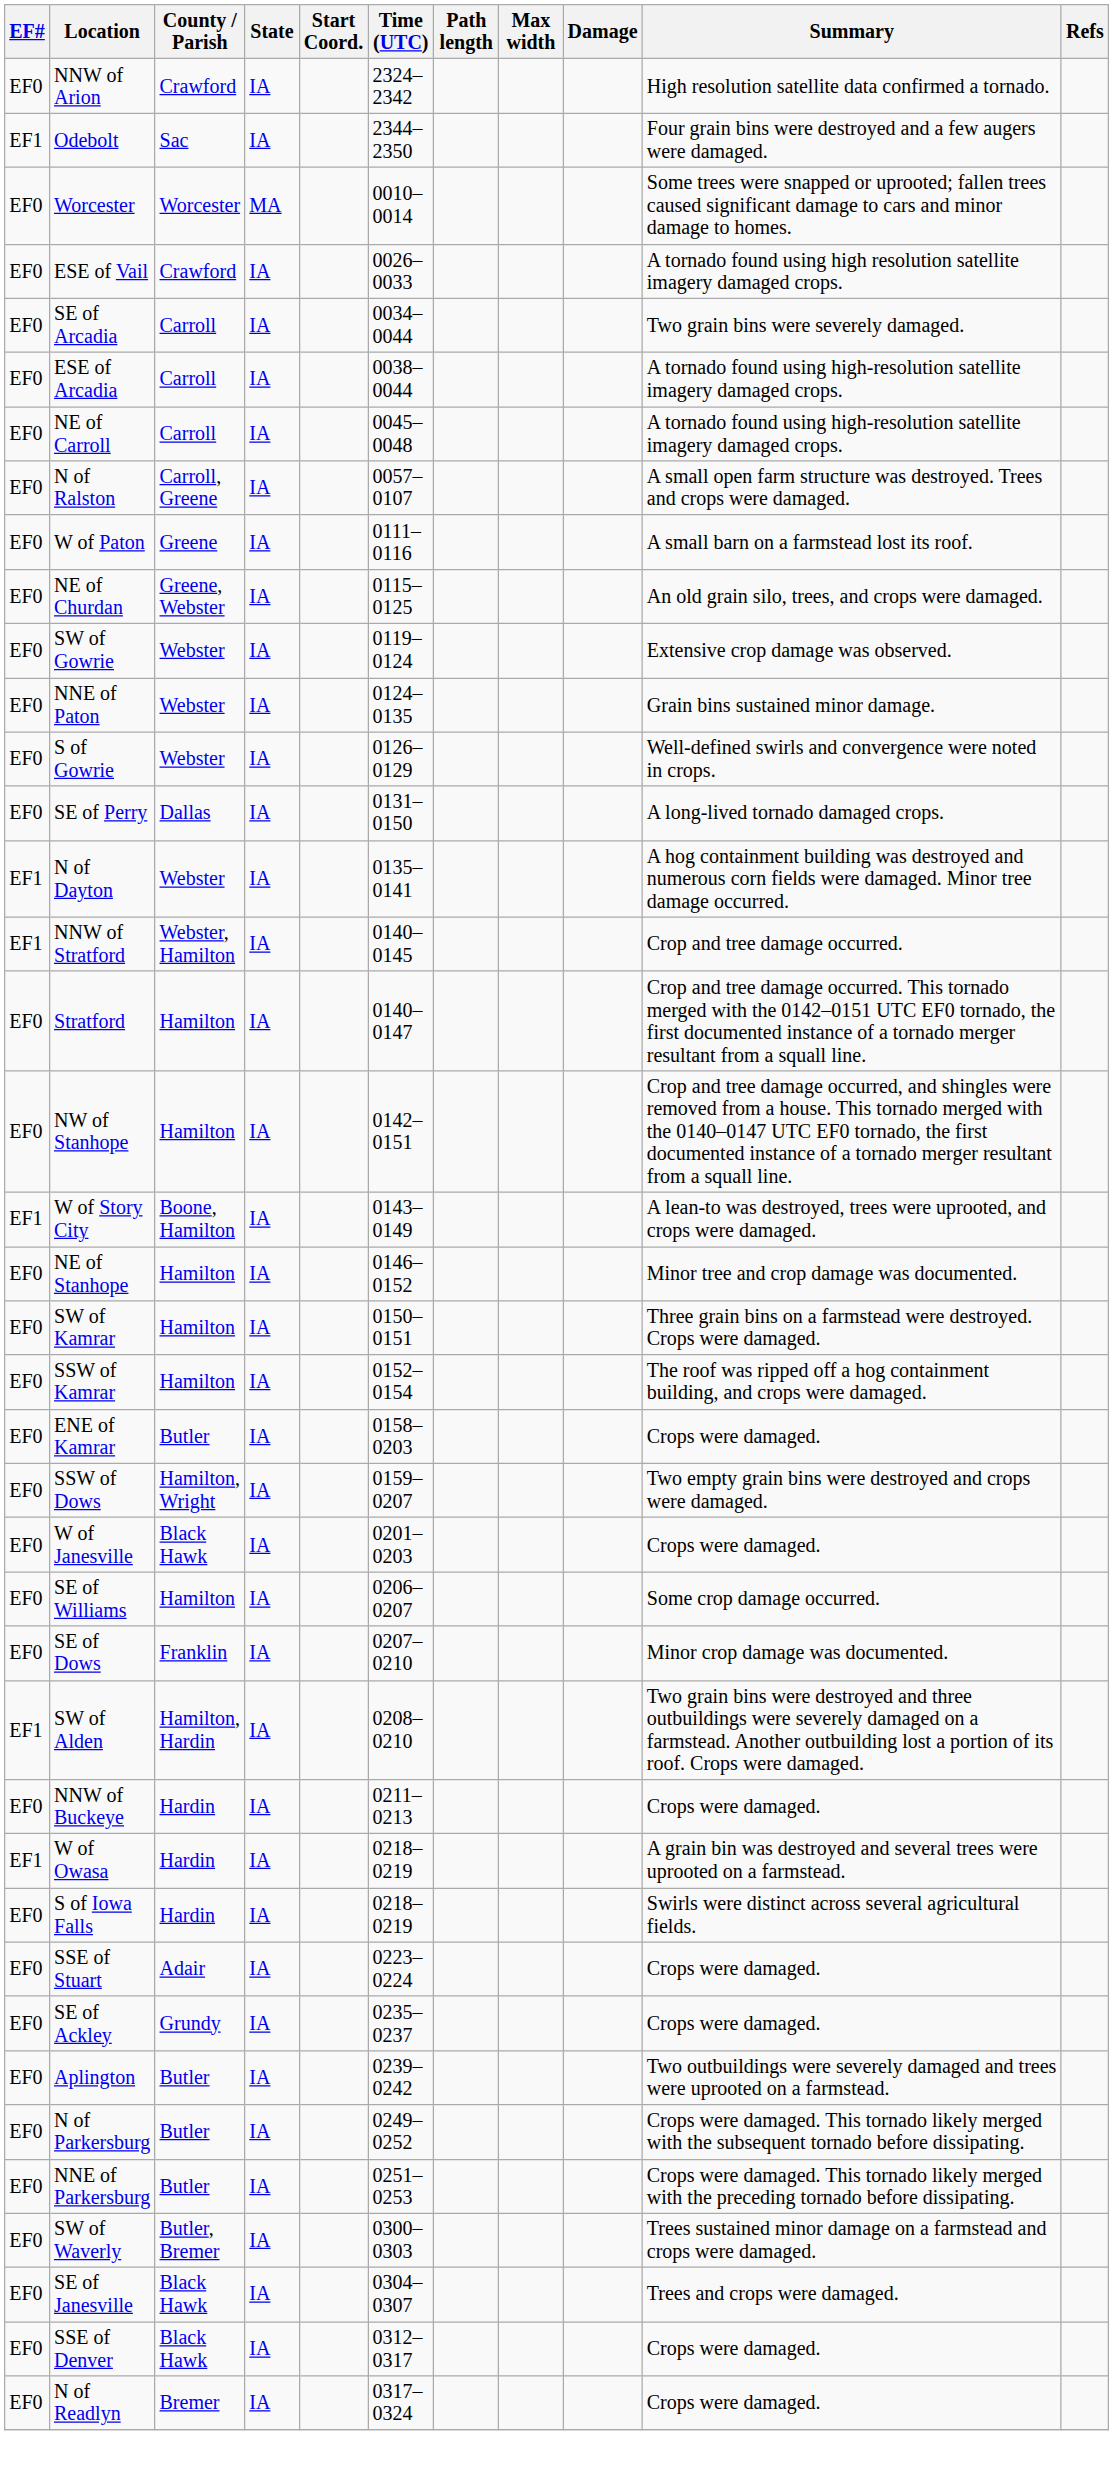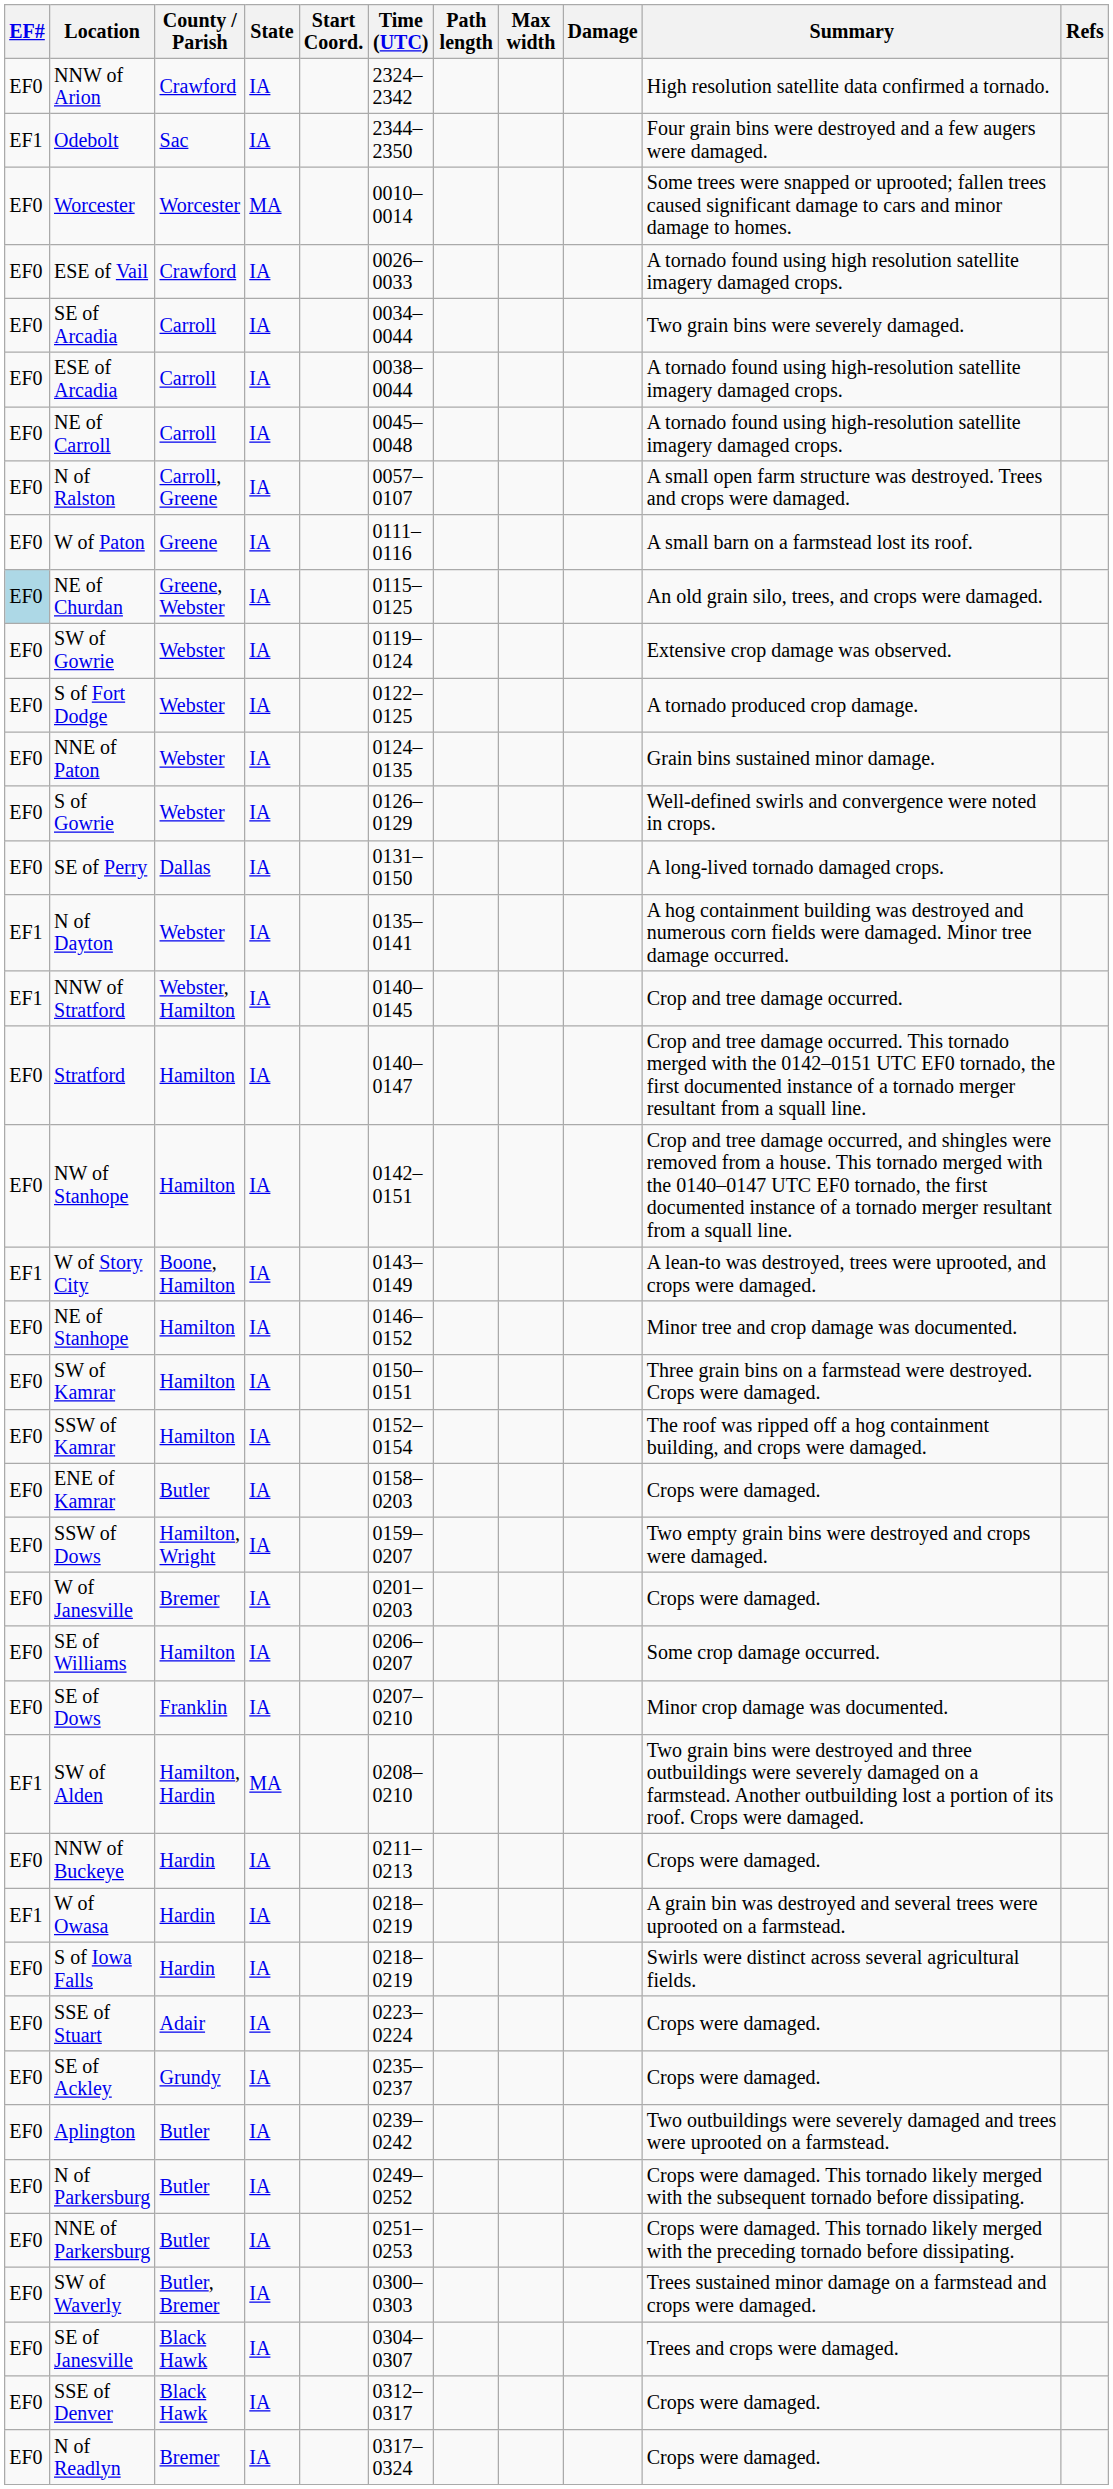 <table class="wikitable sortable" style="width:100%;">
 <tr>
 <th scope="col" width="3%" align="center"><a href='#'>EF#</a></th>
 <th scope="col" width="7%" align="center" class="unsortable">Location</th>
 <th scope="col" width="6%" align="center" class="unsortable">County / Parish</th>
 <th scope="col" width="5%" align="center">State</th>
 <th scope="col" width="6%" align="center">Start Coord.</th>
 <th scope="col" width="6%" align="center">Time (<a href='#'>UTC</a>)</th>
 <th scope="col" width="6%" align="center">Path length</th>
 <th scope="col" width="6%" align="center">Max width</th>
 <th scope="col" width="6%" align="center">Damage</th>
 <th scope="col" width="48%" class="unsortable" align="center">Summary</th>
 <th scope="col" width="48%" class="unsortable" align="center">Refs</th>
 </tr>
 <tr>
 <td>EF0</td>
 <td>NNW of <a href='#'>Arion</a></td>
 <td><a href='#'>Crawford</a></td>
 <td><a href='#'>IA</a></td>
 <td></td>
 <td>2324–2342</td>
 <td></td>
 <td></td>
 <td></td>
 <td>High resolution satellite data confirmed a tornado.</td>
 <td></td>
 </tr>
 <tr>
 <td>EF1</td>
 <td><a href='#'>Odebolt</a></td>
 <td><a href='#'>Sac</a></td>
 <td><a href='#'>IA</a></td>
 <td></td>
 <td>2344–2350</td>
 <td></td>
 <td></td>
 <td></td>
 <td>Four grain bins were destroyed and a few augers were damaged.</td>
 <td></td>
 </tr>
 <tr>
 <td>EF0</td>
 <td><a href='#'>Worcester</a></td>
 <td><a href='#'>Worcester</a></td>
 <td><a href='#'>MA</a></td>
 <td></td>
 <td>0010–0014</td>
 <td></td>
 <td></td>
 <td></td>
 <td>Some trees were snapped or uprooted; fallen trees caused significant damage to cars and minor damage to homes.</td>
 <td></td>
 </tr>
 <tr>
 <td>EF0</td>
 <td>ESE of <a href='#'>Vail</a></td>
 <td><a href='#'>Crawford</a></td>
 <td><a href='#'>IA</a></td>
 <td></td>
 <td>0026–0033</td>
 <td></td>
 <td></td>
 <td></td>
 <td>A tornado found using high resolution satellite imagery damaged crops.</td>
 <td></td>
 </tr>
 <tr>
 <td>EF0</td>
 <td>SE of <a href='#'>Arcadia</a></td>
 <td><a href='#'>Carroll</a></td>
 <td><a href='#'>IA</a></td>
 <td></td>
 <td>0034–0044</td>
 <td></td>
 <td></td>
 <td></td>
 <td>Two grain bins were severely damaged.</td>
 <td></td>
 </tr>
 <tr>
 <td>EF0</td>
 <td>ESE of <a href='#'>Arcadia</a></td>
 <td><a href='#'>Carroll</a></td>
 <td><a href='#'>IA</a></td>
 <td></td>
 <td>0038–0044</td>
 <td></td>
 <td></td>
 <td></td>
 <td>A tornado found using high-resolution satellite imagery damaged crops.</td>
 <td></td>
 </tr>
 <tr>
 <td>EF0</td>
 <td>NE of <a href='#'>Carroll</a></td>
 <td><a href='#'>Carroll</a></td>
 <td><a href='#'>IA</a></td>
 <td></td>
 <td>0045–0048</td>
 <td></td>
 <td></td>
 <td></td>
 <td>A tornado found using high-resolution satellite imagery damaged crops.</td>
 <td></td>
 </tr>
 <tr>
 <td>EF0</td>
 <td>N of <a href='#'>Ralston</a></td>
 <td><a href='#'>Carroll</a>, <a href='#'>Greene</a></td>
 <td><a href='#'>IA</a></td>
 <td></td>
 <td>0057–0107</td>
 <td></td>
 <td></td>
 <td></td>
 <td>A small open farm structure was destroyed. Trees and crops were damaged.</td>
 <td></td>
 </tr>
 <tr>
 <td>EF0</td>
 <td>W of <a href='#'>Paton</a></td>
 <td><a href='#'>Greene</a></td>
 <td><a href='#'>IA</a></td>
 <td></td>
 <td>0111–0116</td>
 <td></td>
 <td></td>
 <td></td>
 <td>A small barn on a farmstead lost its roof.</td>
 <td></td>
 </tr>
 <tr>
-<td>EF0</td>
+<td style="background: lightblue;">EF0</td>
 <td>NE of <a href='#'>Churdan</a></td>
 <td><a href='#'>Greene</a>, <a href='#'>Webster</a></td>
 <td><a href='#'>IA</a></td>
 <td></td>
 <td>0115–0125</td>
 <td></td>
 <td></td>
 <td></td>
 <td>An old grain silo, trees, and crops were damaged.</td>
 <td></td>
 </tr>
 <tr>
 <td>EF0</td>
 <td>SW of <a href='#'>Gowrie</a></td>
 <td><a href='#'>Webster</a></td>
 <td><a href='#'>IA</a></td>
 <td></td>
 <td>0119–0124</td>
 <td></td>
 <td></td>
 <td></td>
 <td>Extensive crop damage was observed.</td>
+<td></td>
+</tr>
+<tr>
+<td>EF0</td>
+<td>S of <a href='#'>Fort Dodge</a></td>
+<td><a href='#'>Webster</a></td>
+<td><a href='#'>IA</a></td>
+<td></td>
+<td>0122–0125</td>
+<td></td>
+<td></td>
+<td></td>
+<td>A tornado produced crop damage.</td>
 <td></td>
 </tr>
 <tr>
 <td>EF0</td>
 <td>NNE of <a href='#'>Paton</a></td>
 <td><a href='#'>Webster</a></td>
 <td><a href='#'>IA</a></td>
 <td></td>
 <td>0124–0135</td>
 <td></td>
 <td></td>
 <td></td>
 <td>Grain bins sustained minor damage.</td>
 <td></td>
 </tr>
 <tr>
 <td>EF0</td>
 <td>S of <a href='#'>Gowrie</a></td>
 <td><a href='#'>Webster</a></td>
 <td><a href='#'>IA</a></td>
 <td></td>
 <td>0126–0129</td>
 <td></td>
 <td></td>
 <td></td>
 <td>Well-defined swirls and convergence were noted in crops.</td>
 <td></td>
 </tr>
 <tr>
 <td>EF0</td>
 <td>SE of <a href='#'>Perry</a></td>
 <td><a href='#'>Dallas</a></td>
 <td><a href='#'>IA</a></td>
 <td></td>
 <td>0131–0150</td>
 <td></td>
 <td></td>
 <td></td>
 <td>A long-lived tornado damaged crops.</td>
 <td></td>
 </tr>
 <tr>
 <td>EF1</td>
 <td>N of <a href='#'>Dayton</a></td>
 <td><a href='#'>Webster</a></td>
 <td><a href='#'>IA</a></td>
 <td></td>
 <td>0135–0141</td>
 <td></td>
 <td></td>
 <td></td>
 <td>A hog containment building was destroyed and numerous corn fields were damaged. Minor tree damage occurred.</td>
 <td></td>
 </tr>
 <tr>
 <td>EF1</td>
 <td>NNW of <a href='#'>Stratford</a></td>
 <td><a href='#'>Webster</a>, <a href='#'>Hamilton</a></td>
 <td><a href='#'>IA</a></td>
 <td></td>
 <td>0140–0145</td>
 <td></td>
 <td></td>
 <td></td>
 <td>Crop and tree damage occurred.</td>
 <td></td>
 </tr>
 <tr>
 <td>EF0</td>
 <td><a href='#'>Stratford</a></td>
 <td><a href='#'>Hamilton</a></td>
 <td><a href='#'>IA</a></td>
 <td></td>
 <td>0140–0147</td>
 <td></td>
 <td></td>
 <td></td>
 <td>Crop and tree damage occurred. This tornado merged with the 0142–0151 UTC EF0 tornado, the first documented instance of a tornado merger resultant from a squall line.</td>
 <td></td>
 </tr>
 <tr>
 <td>EF0</td>
 <td>NW of <a href='#'>Stanhope</a></td>
 <td><a href='#'>Hamilton</a></td>
 <td><a href='#'>IA</a></td>
 <td></td>
 <td>0142–0151</td>
 <td></td>
 <td></td>
 <td></td>
 <td>Crop and tree damage occurred, and shingles were removed from a house. This tornado merged with the 0140–0147 UTC EF0 tornado, the first documented instance of a tornado merger resultant from a squall line.</td>
 <td></td>
 </tr>
 <tr>
 <td>EF1</td>
 <td>W of <a href='#'>Story City</a></td>
 <td><a href='#'>Boone</a>, <a href='#'>Hamilton</a></td>
 <td><a href='#'>IA</a></td>
 <td></td>
 <td>0143–0149</td>
 <td></td>
 <td></td>
 <td></td>
 <td>A lean-to was destroyed, trees were uprooted, and crops were damaged.</td>
 <td></td>
 </tr>
 <tr>
 <td>EF0</td>
 <td>NE of <a href='#'>Stanhope</a></td>
 <td><a href='#'>Hamilton</a></td>
 <td><a href='#'>IA</a></td>
 <td></td>
 <td>0146–0152</td>
 <td></td>
 <td></td>
 <td></td>
 <td>Minor tree and crop damage was documented.</td>
 <td></td>
 </tr>
 <tr>
 <td>EF0</td>
 <td>SW of <a href='#'>Kamrar</a></td>
 <td><a href='#'>Hamilton</a></td>
 <td><a href='#'>IA</a></td>
 <td></td>
 <td>0150–0151</td>
 <td></td>
 <td></td>
 <td></td>
 <td>Three grain bins on a farmstead were destroyed. Crops were damaged.</td>
 <td></td>
 </tr>
 <tr>
 <td>EF0</td>
 <td>SSW of <a href='#'>Kamrar</a></td>
 <td><a href='#'>Hamilton</a></td>
 <td><a href='#'>IA</a></td>
 <td></td>
 <td>0152–0154</td>
 <td></td>
 <td></td>
 <td></td>
 <td>The roof was ripped off a hog containment building, and crops were damaged.</td>
 <td></td>
 </tr>
 <tr>
 <td>EF0</td>
 <td>ENE of <a href='#'>Kamrar</a></td>
 <td><a href='#'>Butler</a></td>
 <td><a href='#'>IA</a></td>
 <td></td>
 <td>0158–0203</td>
 <td></td>
 <td></td>
 <td></td>
 <td>Crops were damaged.</td>
 <td></td>
 </tr>
 <tr>
 <td>EF0</td>
 <td>SSW of <a href='#'>Dows</a></td>
 <td><a href='#'>Hamilton</a>, <a href='#'>Wright</a></td>
 <td><a href='#'>IA</a></td>
 <td></td>
 <td>0159–0207</td>
 <td></td>
 <td></td>
 <td></td>
 <td>Two empty grain bins were destroyed and crops were damaged.</td>
 <td></td>
 </tr>
 <tr>
 <td>EF0</td>
 <td>W of <a href='#'>Janesville</a></td>
-<td><a href='#'>Black Hawk</a></td>
+<td><a href='#'>Bremer</a></td>
 <td><a href='#'>IA</a></td>
 <td></td>
 <td>0201–0203</td>
 <td></td>
 <td></td>
 <td></td>
 <td>Crops were damaged.</td>
 <td></td>
 </tr>
 <tr>
 <td>EF0</td>
 <td>SE of <a href='#'>Williams</a></td>
 <td><a href='#'>Hamilton</a></td>
 <td><a href='#'>IA</a></td>
 <td></td>
 <td>0206–0207</td>
 <td></td>
 <td></td>
 <td></td>
 <td>Some crop damage occurred.</td>
 <td></td>
 </tr>
 <tr>
 <td>EF0</td>
 <td>SE of <a href='#'>Dows</a></td>
 <td><a href='#'>Franklin</a></td>
 <td><a href='#'>IA</a></td>
 <td></td>
 <td>0207–0210</td>
 <td></td>
 <td></td>
 <td></td>
 <td>Minor crop damage was documented.</td>
 <td></td>
 </tr>
 <tr>
 <td>EF1</td>
 <td>SW of <a href='#'>Alden</a></td>
 <td><a href='#'>Hamilton</a>, <a href='#'>Hardin</a></td>
-<td><a href='#'>IA</a></td>
+<td><a href='#'>MA</a></td>
 <td></td>
 <td>0208–0210</td>
 <td></td>
 <td></td>
 <td></td>
 <td>Two grain bins were destroyed and three outbuildings were severely damaged on a farmstead. Another outbuilding lost a portion of its roof. Crops were damaged.</td>
 <td></td>
 </tr>
 <tr>
 <td>EF0</td>
 <td>NNW of <a href='#'>Buckeye</a></td>
 <td><a href='#'>Hardin</a></td>
 <td><a href='#'>IA</a></td>
 <td></td>
 <td>0211–0213</td>
 <td></td>
 <td></td>
 <td></td>
 <td>Crops were damaged.</td>
 <td></td>
 </tr>
 <tr>
 <td>EF1</td>
 <td>W of <a href='#'>Owasa</a></td>
 <td><a href='#'>Hardin</a></td>
 <td><a href='#'>IA</a></td>
 <td></td>
 <td>0218–0219</td>
 <td></td>
 <td></td>
 <td></td>
 <td>A grain bin was destroyed and several trees were uprooted on a farmstead.</td>
 <td></td>
 </tr>
 <tr>
 <td>EF0</td>
 <td>S of <a href='#'>Iowa Falls</a></td>
 <td><a href='#'>Hardin</a></td>
 <td><a href='#'>IA</a></td>
 <td></td>
 <td>0218–0219</td>
 <td></td>
 <td></td>
 <td></td>
 <td>Swirls were distinct across several agricultural fields.</td>
 <td></td>
 </tr>
 <tr>
 <td>EF0</td>
 <td>SSE of <a href='#'>Stuart</a></td>
 <td><a href='#'>Adair</a></td>
 <td><a href='#'>IA</a></td>
 <td></td>
 <td>0223–0224</td>
 <td></td>
 <td></td>
 <td></td>
 <td>Crops were damaged.</td>
 <td></td>
 </tr>
 <tr>
 <td>EF0</td>
 <td>SE of <a href='#'>Ackley</a></td>
 <td><a href='#'>Grundy</a></td>
 <td><a href='#'>IA</a></td>
 <td></td>
 <td>0235–0237</td>
 <td></td>
 <td></td>
 <td></td>
 <td>Crops were damaged.</td>
 <td></td>
 </tr>
 <tr>
 <td>EF0</td>
 <td><a href='#'>Aplington</a></td>
 <td><a href='#'>Butler</a></td>
 <td><a href='#'>IA</a></td>
 <td></td>
 <td>0239–0242</td>
 <td></td>
 <td></td>
 <td></td>
 <td>Two outbuildings were severely damaged and trees were uprooted on a farmstead.</td>
 <td></td>
 </tr>
 <tr>
 <td>EF0</td>
 <td>N of <a href='#'>Parkersburg</a></td>
 <td><a href='#'>Butler</a></td>
 <td><a href='#'>IA</a></td>
 <td></td>
 <td>0249–0252</td>
 <td></td>
 <td></td>
 <td></td>
 <td>Crops were damaged. This tornado likely merged with the subsequent tornado before dissipating.</td>
 <td></td>
 </tr>
 <tr>
 <td>EF0</td>
 <td>NNE of <a href='#'>Parkersburg</a></td>
 <td><a href='#'>Butler</a></td>
 <td><a href='#'>IA</a></td>
 <td></td>
 <td>0251–0253</td>
 <td></td>
 <td></td>
 <td></td>
 <td>Crops were damaged. This tornado likely merged with the preceding tornado before dissipating.</td>
 <td></td>
 </tr>
 <tr>
 <td>EF0</td>
 <td>SW of <a href='#'>Waverly</a></td>
 <td><a href='#'>Butler</a>, <a href='#'>Bremer</a></td>
 <td><a href='#'>IA</a></td>
 <td></td>
 <td>0300–0303</td>
 <td></td>
 <td></td>
 <td></td>
 <td>Trees sustained minor damage on a farmstead and crops were damaged.</td>
 <td></td>
 </tr>
 <tr>
 <td>EF0</td>
 <td>SE of <a href='#'>Janesville</a></td>
 <td><a href='#'>Black Hawk</a></td>
 <td><a href='#'>IA</a></td>
 <td></td>
 <td>0304–0307</td>
 <td></td>
 <td></td>
 <td></td>
 <td>Trees and crops were damaged.</td>
 <td></td>
 </tr>
 <tr>
 <td>EF0</td>
 <td>SSE of <a href='#'>Denver</a></td>
 <td><a href='#'>Black Hawk</a></td>
 <td><a href='#'>IA</a></td>
 <td></td>
 <td>0312–0317</td>
 <td></td>
 <td></td>
 <td></td>
 <td>Crops were damaged.</td>
 <td></td>
 </tr>
 <tr>
 <td>EF0</td>
 <td>N of <a href='#'>Readlyn</a></td>
 <td><a href='#'>Bremer</a></td>
 <td><a href='#'>IA</a></td>
 <td></td>
 <td>0317–0324</td>
 <td></td>
 <td></td>
 <td></td>
 <td>Crops were damaged.</td>
 <td></td>
 </tr>
 <tr>
 </tr>
 </table>
